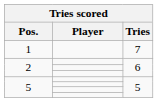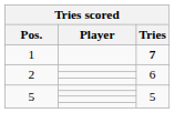 <table class="wikitable" style="text-align:center">
 <tr bgcolor="#efefef">
 <th colspan=4 style="border-right:0px;";>Tries scored<br></th>
 </tr>
 <tr bgcolor="#efefef">
 <th>Pos.</th>
 <th>Player</th>
 <th width=20%>Tries</th>
 </tr>
 <tr>
 <td>1</td>
 <td align=left></td>
-<td>7</td>
+<td><strong>7</strong></td>
 </tr>
 <tr>
 <td rowspan = 3>2</td>
 <td align=left></td>
 <td rowspan=3>6</td>
 </tr>
 <tr>
 <td align=left></td>
 </tr>
 <tr>
 <td align=left></td>
 </tr>
 <tr>
 <td rowspan =4>5</td>
 <td align=left></td>
 <td rowspan =4>5</td>
 </tr>
 <tr>
 <td align=left></td>
 </tr>
 <tr>
 <td align=left></td>
 </tr>
 <tr>
 <td align=left></td>
 </tr>
 </table>
